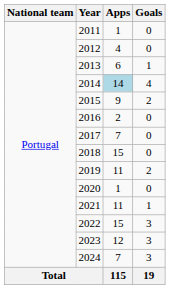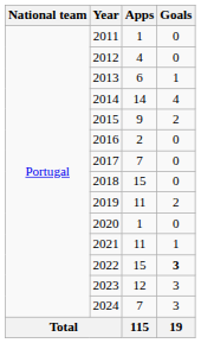 <table class="wikitable" style="text-align:center">
 <tr>
 <th>National team</th>
 <th>Year</th>
 <th>Apps</th>
 <th>Goals</th>
 </tr>
 <tr>
 <td rowspan="14"><a href='#'>Portugal</a></td>
 <td>2011</td>
 <td>1</td>
 <td>0</td>
 </tr>
 <tr>
 <td>2012</td>
 <td>4</td>
 <td>0</td>
 </tr>
 <tr>
 <td>2013</td>
 <td>6</td>
 <td>1</td>
 </tr>
 <tr>
 <td>2014</td>
-<td style="background: lightblue;">14</td>
+<td>14</td>
 <td>4</td>
 </tr>
 <tr>
 <td>2015</td>
 <td>9</td>
 <td>2</td>
 </tr>
 <tr>
 <td>2016</td>
 <td>2</td>
 <td>0</td>
 </tr>
 <tr>
 <td>2017</td>
 <td>7</td>
 <td>0</td>
 </tr>
 <tr>
 <td>2018</td>
 <td>15</td>
 <td>0</td>
 </tr>
 <tr>
 <td>2019</td>
 <td>11</td>
 <td>2</td>
 </tr>
 <tr>
 <td>2020</td>
 <td>1</td>
 <td>0</td>
 </tr>
 <tr>
 <td>2021</td>
 <td>11</td>
 <td>1</td>
 </tr>
 <tr>
 <td>2022</td>
 <td>15</td>
-<td>3</td>
+<td><strong>3</strong></td>
 </tr>
 <tr>
 <td>2023</td>
 <td>12</td>
 <td>3</td>
 </tr>
 <tr>
 <td>2024</td>
 <td>7</td>
 <td>3</td>
 </tr>
 <tr>
 <th colspan="2">Total</th>
 <th>115</th>
 <th>19</th>
 </tr>
 </table>
